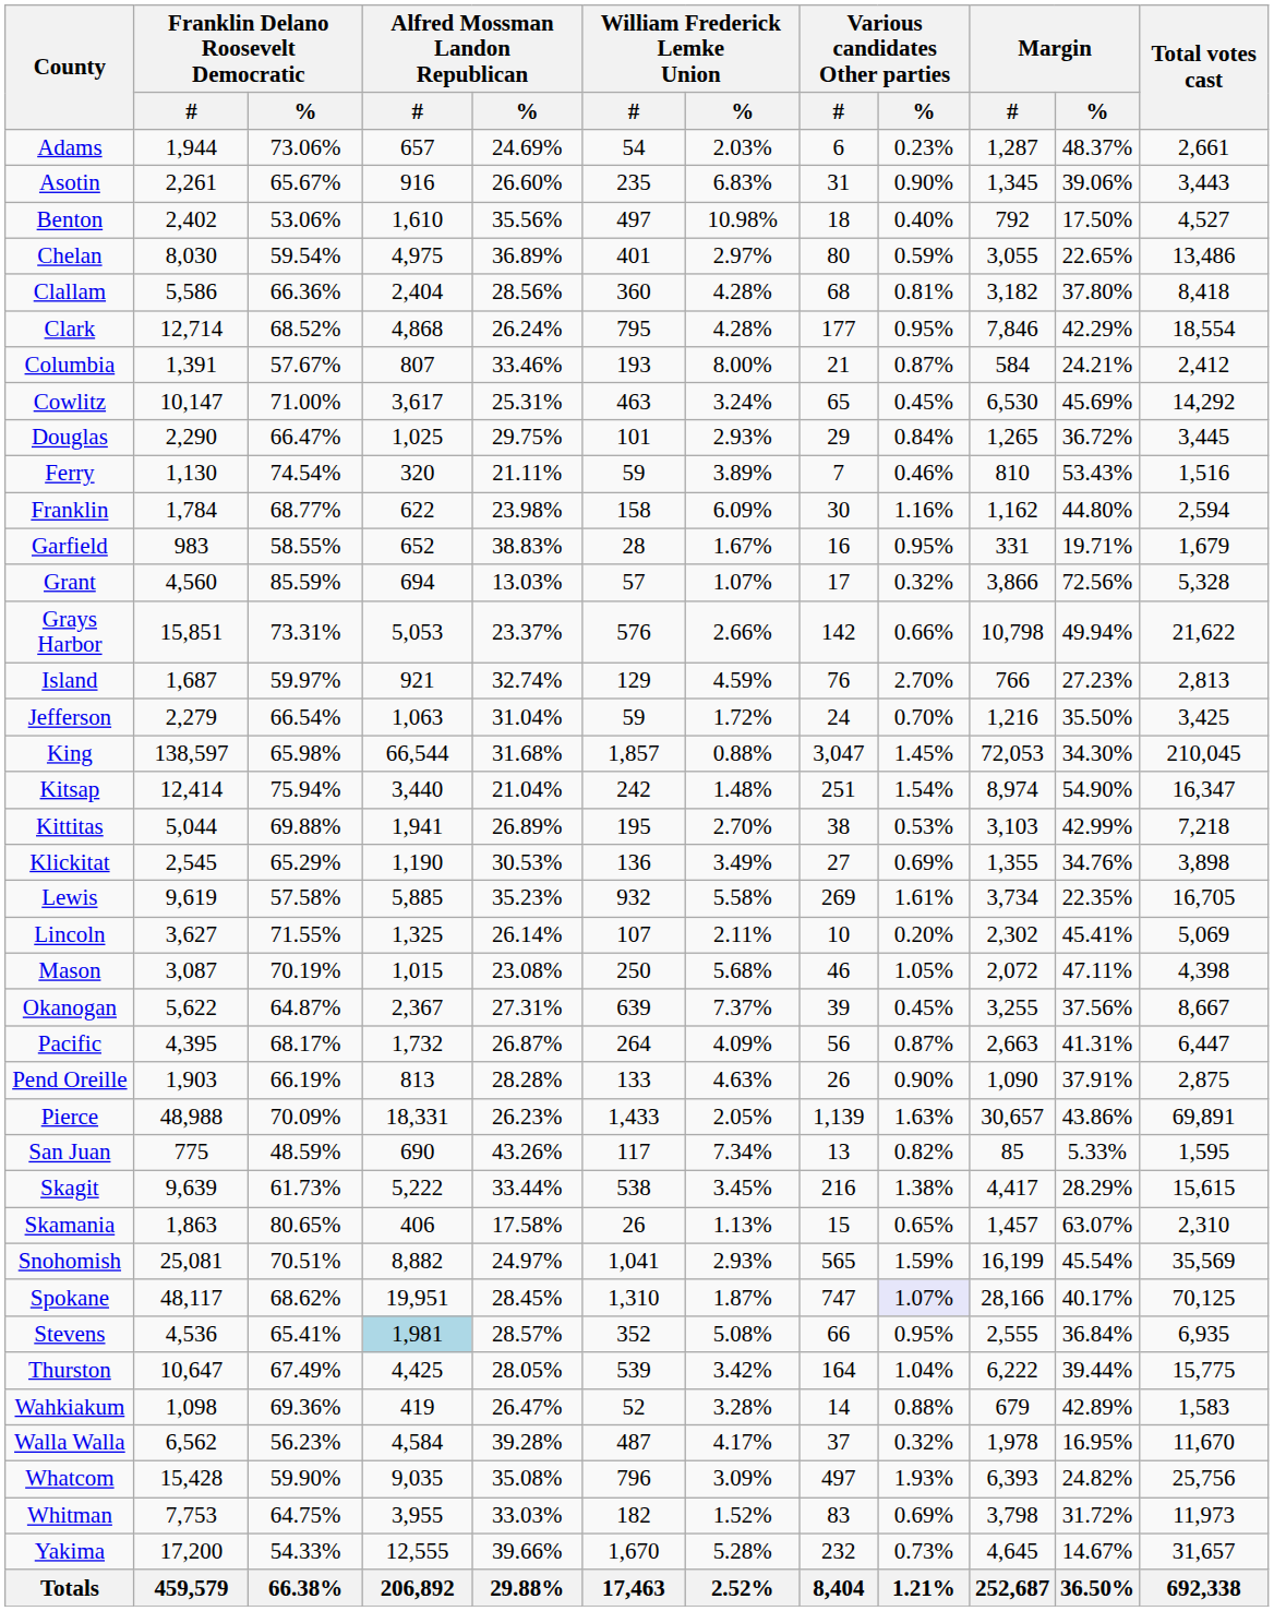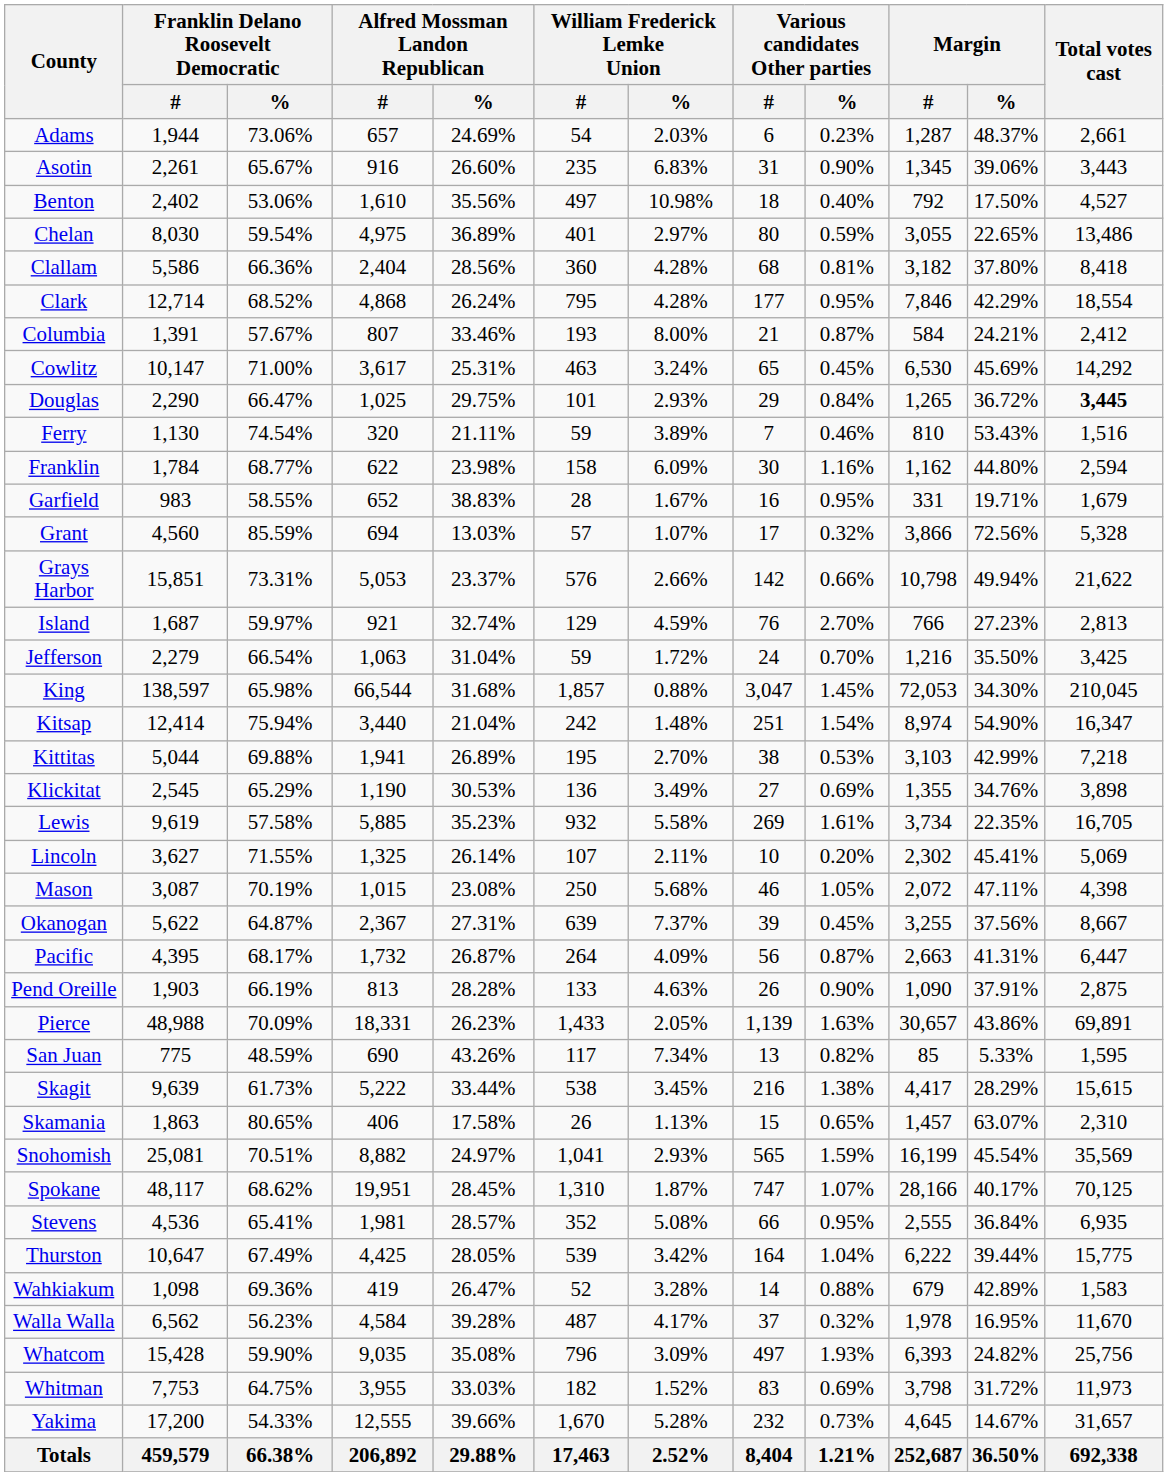 <table width="70%"  class="wikitable sortable" style="text-align:center">
 <tr>
 <th style="text-align:center;" rowspan="2">County</th>
 <th style="text-align:center;" colspan="2">Franklin Delano Roosevelt<br>Democratic</th>
 <th style="text-align:center;" colspan="2">Alfred Mossman Landon<br>Republican</th>
 <th style="text-align:center;" colspan="2">William Frederick Lemke<br>Union</th>
 <th style="text-align:center;" colspan="2">Various candidates<br>Other parties</th>
 <th style="text-align:center;" colspan="2">Margin</th>
 <th style="text-align:center;" rowspan="2">Total votes cast</th>
 </tr>
 <tr>
 <th style="text-align:center;" data-sort-type="number">#</th>
 <th style="text-align:center;" data-sort-type="number">%</th>
 <th style="text-align:center;" data-sort-type="number">#</th>
 <th style="text-align:center;" data-sort-type="number">%</th>
 <th style="text-align:center;" data-sort-type="number">#</th>
 <th style="text-align:center;" data-sort-type="number">%</th>
 <th style="text-align:center;" data-sort-type="number">#</th>
 <th style="text-align:center;" data-sort-type="number">%</th>
 <th style="text-align:center;" data-sort-type="number">#</th>
 <th style="text-align:center;" data-sort-type="number">%</th>
 </tr>
 <tr style="text-align:center;">
 <td><a href='#'>Adams</a></td>
 <td>1,944</td>
 <td>73.06%</td>
 <td>657</td>
 <td>24.69%</td>
 <td>54</td>
 <td>2.03%</td>
 <td>6</td>
 <td>0.23%</td>
 <td>1,287</td>
 <td>48.37%</td>
 <td>2,661</td>
 </tr>
 <tr style="text-align:center;">
 <td><a href='#'>Asotin</a></td>
 <td>2,261</td>
 <td>65.67%</td>
 <td>916</td>
 <td>26.60%</td>
 <td>235</td>
 <td>6.83%</td>
 <td>31</td>
 <td>0.90%</td>
 <td>1,345</td>
 <td>39.06%</td>
 <td>3,443</td>
 </tr>
 <tr style="text-align:center;">
 <td><a href='#'>Benton</a></td>
 <td>2,402</td>
 <td>53.06%</td>
 <td>1,610</td>
 <td>35.56%</td>
 <td>497</td>
 <td>10.98%</td>
 <td>18</td>
 <td>0.40%</td>
 <td>792</td>
 <td>17.50%</td>
 <td>4,527</td>
 </tr>
 <tr style="text-align:center;">
 <td><a href='#'>Chelan</a></td>
 <td>8,030</td>
 <td>59.54%</td>
 <td>4,975</td>
 <td>36.89%</td>
 <td>401</td>
 <td>2.97%</td>
 <td>80</td>
 <td>0.59%</td>
 <td>3,055</td>
 <td>22.65%</td>
 <td>13,486</td>
 </tr>
 <tr style="text-align:center;">
 <td><a href='#'>Clallam</a></td>
 <td>5,586</td>
 <td>66.36%</td>
 <td>2,404</td>
 <td>28.56%</td>
 <td>360</td>
 <td>4.28%</td>
 <td>68</td>
 <td>0.81%</td>
 <td>3,182</td>
 <td>37.80%</td>
 <td>8,418</td>
 </tr>
 <tr style="text-align:center;">
 <td><a href='#'>Clark</a></td>
 <td>12,714</td>
 <td>68.52%</td>
 <td>4,868</td>
 <td>26.24%</td>
 <td>795</td>
 <td>4.28%</td>
 <td>177</td>
 <td>0.95%</td>
 <td>7,846</td>
 <td>42.29%</td>
 <td>18,554</td>
 </tr>
 <tr style="text-align:center;">
 <td><a href='#'>Columbia</a></td>
 <td>1,391</td>
 <td>57.67%</td>
 <td>807</td>
 <td>33.46%</td>
 <td>193</td>
 <td>8.00%</td>
 <td>21</td>
 <td>0.87%</td>
 <td>584</td>
 <td>24.21%</td>
 <td>2,412</td>
 </tr>
 <tr style="text-align:center;">
 <td><a href='#'>Cowlitz</a></td>
 <td>10,147</td>
 <td>71.00%</td>
 <td>3,617</td>
 <td>25.31%</td>
 <td>463</td>
 <td>3.24%</td>
 <td>65</td>
 <td>0.45%</td>
 <td>6,530</td>
 <td>45.69%</td>
 <td>14,292</td>
 </tr>
 <tr style="text-align:center;">
 <td><a href='#'>Douglas</a></td>
 <td>2,290</td>
 <td>66.47%</td>
 <td>1,025</td>
 <td>29.75%</td>
 <td>101</td>
 <td>2.93%</td>
 <td>29</td>
 <td>0.84%</td>
 <td>1,265</td>
 <td>36.72%</td>
-<td>3,445</td>
+<td><strong>3,445</strong></td>
 </tr>
 <tr style="text-align:center;">
 <td><a href='#'>Ferry</a></td>
 <td>1,130</td>
 <td>74.54%</td>
 <td>320</td>
 <td>21.11%</td>
 <td>59</td>
 <td>3.89%</td>
 <td>7</td>
 <td>0.46%</td>
 <td>810</td>
 <td>53.43%</td>
 <td>1,516</td>
 </tr>
 <tr style="text-align:center;">
 <td><a href='#'>Franklin</a></td>
 <td>1,784</td>
 <td>68.77%</td>
 <td>622</td>
 <td>23.98%</td>
 <td>158</td>
 <td>6.09%</td>
 <td>30</td>
 <td>1.16%</td>
 <td>1,162</td>
 <td>44.80%</td>
 <td>2,594</td>
 </tr>
 <tr style="text-align:center;">
 <td><a href='#'>Garfield</a></td>
 <td>983</td>
 <td>58.55%</td>
 <td>652</td>
 <td>38.83%</td>
 <td>28</td>
 <td>1.67%</td>
 <td>16</td>
 <td>0.95%</td>
 <td>331</td>
 <td>19.71%</td>
 <td>1,679</td>
 </tr>
 <tr style="text-align:center;">
 <td><a href='#'>Grant</a></td>
 <td>4,560</td>
 <td>85.59%</td>
 <td>694</td>
 <td>13.03%</td>
 <td>57</td>
 <td>1.07%</td>
 <td>17</td>
 <td>0.32%</td>
 <td>3,866</td>
 <td>72.56%</td>
 <td>5,328</td>
 </tr>
 <tr style="text-align:center;">
 <td><a href='#'>Grays Harbor</a></td>
 <td>15,851</td>
 <td>73.31%</td>
 <td>5,053</td>
 <td>23.37%</td>
 <td>576</td>
 <td>2.66%</td>
 <td>142</td>
 <td>0.66%</td>
 <td>10,798</td>
 <td>49.94%</td>
 <td>21,622</td>
 </tr>
 <tr style="text-align:center;">
 <td><a href='#'>Island</a></td>
 <td>1,687</td>
 <td>59.97%</td>
 <td>921</td>
 <td>32.74%</td>
 <td>129</td>
 <td>4.59%</td>
 <td>76</td>
 <td>2.70%</td>
 <td>766</td>
 <td>27.23%</td>
 <td>2,813</td>
 </tr>
 <tr style="text-align:center;">
 <td><a href='#'>Jefferson</a></td>
 <td>2,279</td>
 <td>66.54%</td>
 <td>1,063</td>
 <td>31.04%</td>
 <td>59</td>
 <td>1.72%</td>
 <td>24</td>
 <td>0.70%</td>
 <td>1,216</td>
 <td>35.50%</td>
 <td>3,425</td>
 </tr>
 <tr style="text-align:center;">
 <td><a href='#'>King</a></td>
 <td>138,597</td>
 <td>65.98%</td>
 <td>66,544</td>
 <td>31.68%</td>
 <td>1,857</td>
 <td>0.88%</td>
 <td>3,047</td>
 <td>1.45%</td>
 <td>72,053</td>
 <td>34.30%</td>
 <td>210,045</td>
 </tr>
 <tr style="text-align:center;">
 <td><a href='#'>Kitsap</a></td>
 <td>12,414</td>
 <td>75.94%</td>
 <td>3,440</td>
 <td>21.04%</td>
 <td>242</td>
 <td>1.48%</td>
 <td>251</td>
 <td>1.54%</td>
 <td>8,974</td>
 <td>54.90%</td>
 <td>16,347</td>
 </tr>
 <tr style="text-align:center;">
 <td><a href='#'>Kittitas</a></td>
 <td>5,044</td>
 <td>69.88%</td>
 <td>1,941</td>
 <td>26.89%</td>
 <td>195</td>
 <td>2.70%</td>
 <td>38</td>
 <td>0.53%</td>
 <td>3,103</td>
 <td>42.99%</td>
 <td>7,218</td>
 </tr>
 <tr style="text-align:center;">
 <td><a href='#'>Klickitat</a></td>
 <td>2,545</td>
 <td>65.29%</td>
 <td>1,190</td>
 <td>30.53%</td>
 <td>136</td>
 <td>3.49%</td>
 <td>27</td>
 <td>0.69%</td>
 <td>1,355</td>
 <td>34.76%</td>
 <td>3,898</td>
 </tr>
 <tr style="text-align:center;">
 <td><a href='#'>Lewis</a></td>
 <td>9,619</td>
 <td>57.58%</td>
 <td>5,885</td>
 <td>35.23%</td>
 <td>932</td>
 <td>5.58%</td>
 <td>269</td>
 <td>1.61%</td>
 <td>3,734</td>
 <td>22.35%</td>
 <td>16,705</td>
 </tr>
 <tr style="text-align:center;">
 <td><a href='#'>Lincoln</a></td>
 <td>3,627</td>
 <td>71.55%</td>
 <td>1,325</td>
 <td>26.14%</td>
 <td>107</td>
 <td>2.11%</td>
 <td>10</td>
 <td>0.20%</td>
 <td>2,302</td>
 <td>45.41%</td>
 <td>5,069</td>
 </tr>
 <tr style="text-align:center;">
 <td><a href='#'>Mason</a></td>
 <td>3,087</td>
 <td>70.19%</td>
 <td>1,015</td>
 <td>23.08%</td>
 <td>250</td>
 <td>5.68%</td>
 <td>46</td>
 <td>1.05%</td>
 <td>2,072</td>
 <td>47.11%</td>
 <td>4,398</td>
 </tr>
 <tr style="text-align:center;">
 <td><a href='#'>Okanogan</a></td>
 <td>5,622</td>
 <td>64.87%</td>
 <td>2,367</td>
 <td>27.31%</td>
 <td>639</td>
 <td>7.37%</td>
 <td>39</td>
 <td>0.45%</td>
 <td>3,255</td>
 <td>37.56%</td>
 <td>8,667</td>
 </tr>
 <tr style="text-align:center;">
 <td><a href='#'>Pacific</a></td>
 <td>4,395</td>
 <td>68.17%</td>
 <td>1,732</td>
 <td>26.87%</td>
 <td>264</td>
 <td>4.09%</td>
 <td>56</td>
 <td>0.87%</td>
 <td>2,663</td>
 <td>41.31%</td>
 <td>6,447</td>
 </tr>
 <tr style="text-align:center;">
 <td><a href='#'>Pend Oreille</a></td>
 <td>1,903</td>
 <td>66.19%</td>
 <td>813</td>
 <td>28.28%</td>
 <td>133</td>
 <td>4.63%</td>
 <td>26</td>
 <td>0.90%</td>
 <td>1,090</td>
 <td>37.91%</td>
 <td>2,875</td>
 </tr>
 <tr style="text-align:center;">
 <td><a href='#'>Pierce</a></td>
 <td>48,988</td>
 <td>70.09%</td>
 <td>18,331</td>
 <td>26.23%</td>
 <td>1,433</td>
 <td>2.05%</td>
 <td>1,139</td>
 <td>1.63%</td>
 <td>30,657</td>
 <td>43.86%</td>
 <td>69,891</td>
 </tr>
 <tr style="text-align:center;">
 <td><a href='#'>San Juan</a></td>
 <td>775</td>
 <td>48.59%</td>
 <td>690</td>
 <td>43.26%</td>
 <td>117</td>
 <td>7.34%</td>
 <td>13</td>
 <td>0.82%</td>
 <td>85</td>
 <td>5.33%</td>
 <td>1,595</td>
 </tr>
 <tr style="text-align:center;">
 <td><a href='#'>Skagit</a></td>
 <td>9,639</td>
 <td>61.73%</td>
 <td>5,222</td>
 <td>33.44%</td>
 <td>538</td>
 <td>3.45%</td>
 <td>216</td>
 <td>1.38%</td>
 <td>4,417</td>
 <td>28.29%</td>
 <td>15,615</td>
 </tr>
 <tr style="text-align:center;">
 <td><a href='#'>Skamania</a></td>
 <td>1,863</td>
 <td>80.65%</td>
 <td>406</td>
 <td>17.58%</td>
 <td>26</td>
 <td>1.13%</td>
 <td>15</td>
 <td>0.65%</td>
 <td>1,457</td>
 <td>63.07%</td>
 <td>2,310</td>
 </tr>
 <tr style="text-align:center;">
 <td><a href='#'>Snohomish</a></td>
 <td>25,081</td>
 <td>70.51%</td>
 <td>8,882</td>
 <td>24.97%</td>
 <td>1,041</td>
 <td>2.93%</td>
 <td>565</td>
 <td>1.59%</td>
 <td>16,199</td>
 <td>45.54%</td>
 <td>35,569</td>
 </tr>
 <tr style="text-align:center;">
 <td><a href='#'>Spokane</a></td>
 <td>48,117</td>
 <td>68.62%</td>
 <td>19,951</td>
 <td>28.45%</td>
 <td>1,310</td>
 <td>1.87%</td>
 <td>747</td>
-<td style="background: lavender;">1.07%</td>
+<td>1.07%</td>
 <td>28,166</td>
 <td>40.17%</td>
 <td>70,125</td>
 </tr>
 <tr style="text-align:center;">
 <td><a href='#'>Stevens</a></td>
 <td>4,536</td>
 <td>65.41%</td>
-<td style="background: lightblue;">1,981</td>
+<td>1,981</td>
 <td>28.57%</td>
 <td>352</td>
 <td>5.08%</td>
 <td>66</td>
 <td>0.95%</td>
 <td>2,555</td>
 <td>36.84%</td>
 <td>6,935</td>
 </tr>
 <tr style="text-align:center;">
 <td><a href='#'>Thurston</a></td>
 <td>10,647</td>
 <td>67.49%</td>
 <td>4,425</td>
 <td>28.05%</td>
 <td>539</td>
 <td>3.42%</td>
 <td>164</td>
 <td>1.04%</td>
 <td>6,222</td>
 <td>39.44%</td>
 <td>15,775</td>
 </tr>
 <tr style="text-align:center;">
 <td><a href='#'>Wahkiakum</a></td>
 <td>1,098</td>
 <td>69.36%</td>
 <td>419</td>
 <td>26.47%</td>
 <td>52</td>
 <td>3.28%</td>
 <td>14</td>
 <td>0.88%</td>
 <td>679</td>
 <td>42.89%</td>
 <td>1,583</td>
 </tr>
 <tr style="text-align:center;">
 <td><a href='#'>Walla Walla</a></td>
 <td>6,562</td>
 <td>56.23%</td>
 <td>4,584</td>
 <td>39.28%</td>
 <td>487</td>
 <td>4.17%</td>
 <td>37</td>
 <td>0.32%</td>
 <td>1,978</td>
 <td>16.95%</td>
 <td>11,670</td>
 </tr>
 <tr style="text-align:center;">
 <td><a href='#'>Whatcom</a></td>
 <td>15,428</td>
 <td>59.90%</td>
 <td>9,035</td>
 <td>35.08%</td>
 <td>796</td>
 <td>3.09%</td>
 <td>497</td>
 <td>1.93%</td>
 <td>6,393</td>
 <td>24.82%</td>
 <td>25,756</td>
 </tr>
 <tr style="text-align:center;">
 <td><a href='#'>Whitman</a></td>
 <td>7,753</td>
 <td>64.75%</td>
 <td>3,955</td>
 <td>33.03%</td>
 <td>182</td>
 <td>1.52%</td>
 <td>83</td>
 <td>0.69%</td>
 <td>3,798</td>
 <td>31.72%</td>
 <td>11,973</td>
 </tr>
 <tr style="text-align:center;">
 <td><a href='#'>Yakima</a></td>
 <td>17,200</td>
 <td>54.33%</td>
 <td>12,555</td>
 <td>39.66%</td>
 <td>1,670</td>
 <td>5.28%</td>
 <td>232</td>
 <td>0.73%</td>
 <td>4,645</td>
 <td>14.67%</td>
 <td>31,657</td>
 </tr>
 <tr style="text-align:center;">
 <th>Totals</th>
 <th>459,579</th>
 <th>66.38%</th>
 <th>206,892</th>
 <th>29.88%</th>
 <th>17,463</th>
 <th>2.52%</th>
 <th>8,404</th>
 <th>1.21%</th>
 <th>252,687</th>
 <th>36.50%</th>
 <th>692,338</th>
 </tr>
 </table>
